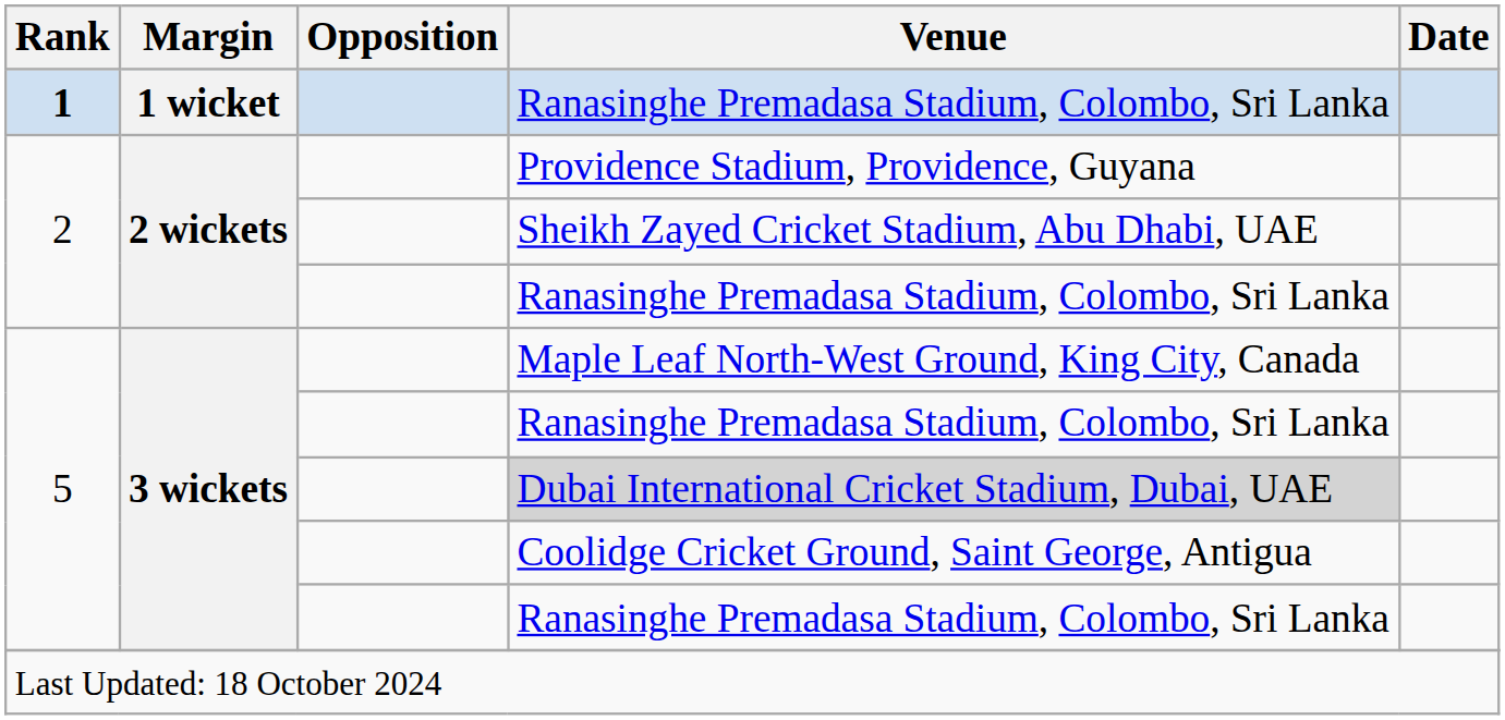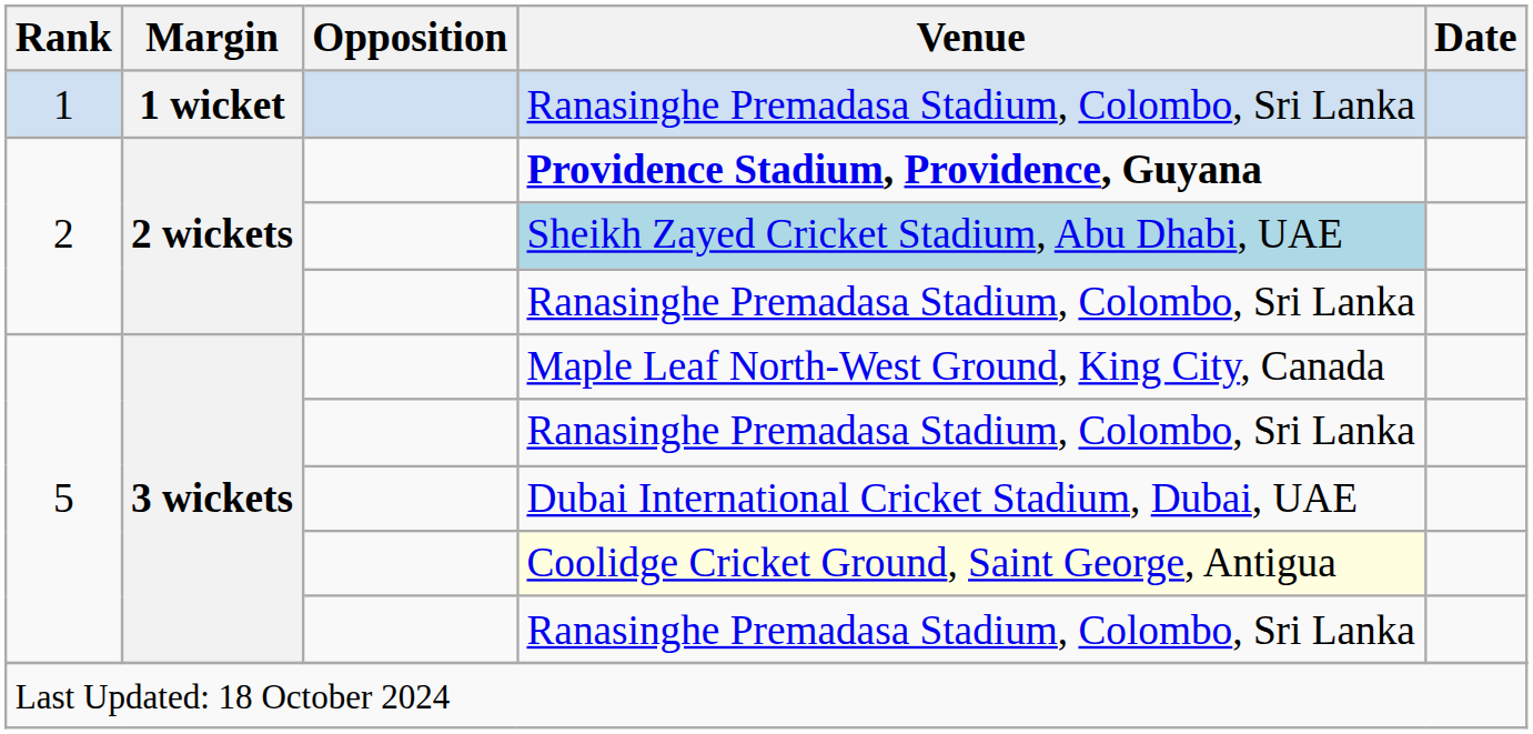 <table class="wikitable plainrowheaders sortable">
 <tr>
 <th scope=col>Rank</th>
 <th scope=col>Margin</th>
 <th scope=col>Opposition</th>
 <th scope=col>Venue</th>
 <th scope=col>Date</th>
 </tr>
 <tr bgcolor=#cee0f2>
-<td align=center><strong>1</strong></td>
+<td align=center>1</td>
 <th scope=row style=text-align:center>1 wicket</th>
 <td></td>
 <td><a href='#'>Ranasinghe Premadasa Stadium</a>, <a href='#'>Colombo</a>, Sri Lanka</td>
 <td></td>
 </tr>
 <tr>
 <td align=center rowspan=3>2</td>
 <th scope=row style=text-align:center rowspan=3>2 wickets</th>
 <td></td>
-<td><a href='#'>Providence Stadium</a>, <a href='#'>Providence</a>, Guyana</td>
+<td><strong><a href='#'>Providence Stadium</a>, <a href='#'>Providence</a>, Guyana</strong></td>
 <td> </td>
 </tr>
 <tr>
 <td></td>
-<td><a href='#'>Sheikh Zayed Cricket Stadium</a>, <a href='#'>Abu Dhabi</a>, UAE</td>
+<td style="background: lightblue;"><a href='#'>Sheikh Zayed Cricket Stadium</a>, <a href='#'>Abu Dhabi</a>, UAE</td>
 <td></td>
 </tr>
 <tr>
 <td></td>
 <td><a href='#'>Ranasinghe Premadasa Stadium</a>, <a href='#'>Colombo</a>, Sri Lanka</td>
 <td></td>
 </tr>
 <tr>
 <td align=center rowspan=5>5</td>
 <th scope=row style=text-align:center rowspan=5>3 wickets</th>
 <td></td>
 <td><a href='#'>Maple Leaf North-West Ground</a>, <a href='#'>King City</a>, Canada</td>
 <td></td>
 </tr>
 <tr>
 <td></td>
 <td><a href='#'>Ranasinghe Premadasa Stadium</a>, <a href='#'>Colombo</a>, Sri Lanka</td>
 <td></td>
 </tr>
 <tr>
 <td></td>
-<td style="background: lightgrey;"><a href='#'>Dubai International Cricket Stadium</a>, <a href='#'>Dubai</a>, UAE</td>
+<td><a href='#'>Dubai International Cricket Stadium</a>, <a href='#'>Dubai</a>, UAE</td>
 <td></td>
 </tr>
 <tr>
 <td></td>
-<td><a href='#'>Coolidge Cricket Ground</a>, <a href='#'>Saint George</a>, Antigua</td>
+<td style="background: lightyellow;"><a href='#'>Coolidge Cricket Ground</a>, <a href='#'>Saint George</a>, Antigua</td>
 <td></td>
 </tr>
 <tr>
 <td></td>
 <td><a href='#'>Ranasinghe Premadasa Stadium</a>, <a href='#'>Colombo</a>, Sri Lanka</td>
 <td></td>
 </tr>
 <tr>
 </tr>
 <tr class=sortbottom>
 <td colspan=5><small>Last Updated: 18 October 2024</small></td>
 </tr>
 </table>
